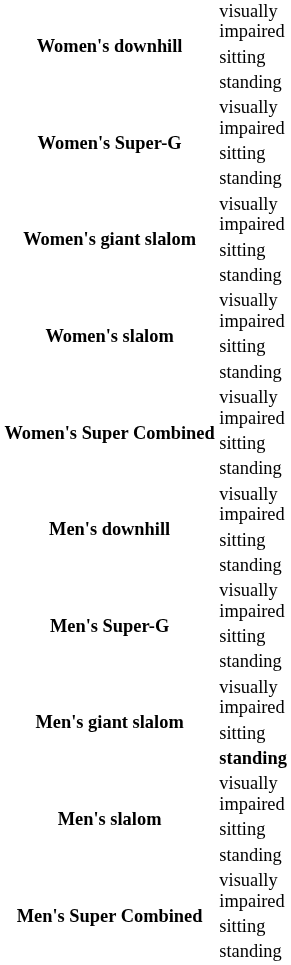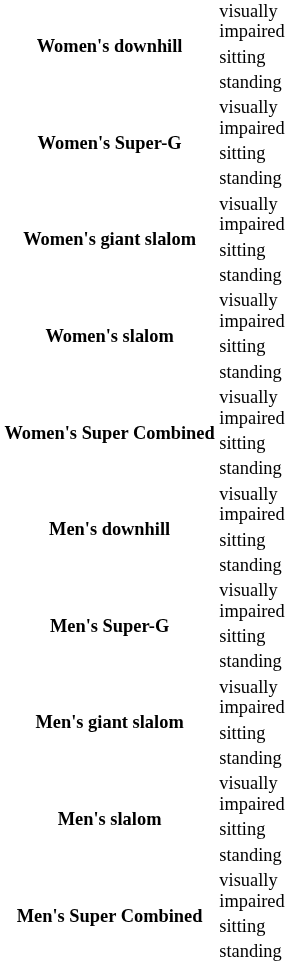 <table>
 <tr>
 <th scope="row" rowspan="3">Women's downhill<br></th>
 <td>visually <br>impaired</td>
 <td></td>
 <td></td>
 <td></td>
 </tr>
 <tr>
 <td>sitting</td>
 <td></td>
 <td></td>
 <td></td>
 </tr>
 <tr>
 <td>standing</td>
 <td></td>
 <td></td>
 <td></td>
 </tr>
 <tr>
 <th scope="row" rowspan="3">Women's Super-G<br></th>
 <td>visually <br>impaired</td>
 <td></td>
 <td></td>
 <td></td>
 </tr>
 <tr>
 <td>sitting</td>
 <td></td>
 <td></td>
 <td></td>
 </tr>
 <tr>
 <td>standing</td>
 <td></td>
 <td></td>
 <td></td>
 </tr>
 <tr>
 <th scope="row" rowspan="3">Women's giant slalom<br></th>
 <td>visually <br>impaired</td>
 <td></td>
 <td></td>
 <td></td>
 </tr>
 <tr>
 <td>sitting</td>
 <td></td>
 <td></td>
 <td></td>
 </tr>
 <tr>
 <td>standing</td>
 <td></td>
 <td></td>
 <td></td>
 </tr>
 <tr>
 <th scope="row" rowspan="3">Women's slalom<br></th>
 <td>visually <br>impaired</td>
 <td></td>
 <td></td>
 <td></td>
 </tr>
 <tr>
 <td>sitting</td>
 <td></td>
 <td></td>
 <td></td>
 </tr>
 <tr>
 <td>standing</td>
 <td></td>
 <td></td>
 <td></td>
 </tr>
 <tr>
 <th scope="row" rowspan="3">Women's Super Combined<br></th>
 <td>visually <br>impaired</td>
 <td></td>
 <td></td>
 <td></td>
 </tr>
 <tr>
 <td>sitting</td>
 <td></td>
 <td></td>
 <td></td>
 </tr>
 <tr>
 <td>standing</td>
 <td></td>
 <td></td>
 <td></td>
 </tr>
 <tr>
 <th scope="row" rowspan="3">Men's downhill<br></th>
 <td>visually <br>impaired</td>
 <td></td>
 <td></td>
 <td></td>
 </tr>
 <tr>
 <td>sitting</td>
 <td></td>
 <td></td>
 <td></td>
 </tr>
 <tr>
 <td>standing</td>
 <td></td>
 <td> <br> </td>
 <td></td>
 </tr>
 <tr>
 <th scope="row" rowspan="3">Men's Super-G<br></th>
 <td>visually <br>impaired</td>
 <td></td>
 <td></td>
 <td></td>
 </tr>
 <tr>
 <td>sitting</td>
 <td></td>
 <td></td>
 <td></td>
 </tr>
 <tr>
 <td>standing</td>
 <td></td>
 <td></td>
 <td></td>
 </tr>
 <tr>
 <th scope="row" rowspan="3">Men's giant slalom<br></th>
 <td>visually <br>impaired</td>
 <td></td>
 <td></td>
 <td></td>
 </tr>
 <tr>
 <td>sitting</td>
 <td></td>
 <td></td>
 <td></td>
 </tr>
 <tr>
-<td><strong>standing</strong></td>
+<td>standing</td>
 <td></td>
 <td></td>
 <td></td>
 </tr>
 <tr>
 <th scope="row" rowspan="3">Men's slalom<br></th>
 <td>visually <br>impaired</td>
 <td></td>
 <td></td>
 <td></td>
 </tr>
 <tr>
 <td>sitting</td>
 <td></td>
 <td></td>
 <td></td>
 </tr>
 <tr>
 <td>standing</td>
 <td></td>
 <td></td>
 <td></td>
 </tr>
 <tr>
 <th scope="row" rowspan="3">Men's Super Combined<br></th>
 <td>visually <br>impaired</td>
 <td></td>
 <td></td>
 <td></td>
 </tr>
 <tr>
 <td>sitting</td>
 <td></td>
 <td></td>
 <td></td>
 </tr>
 <tr>
 <td>standing</td>
 <td></td>
 <td></td>
 <td></td>
 </tr>
 </table>
